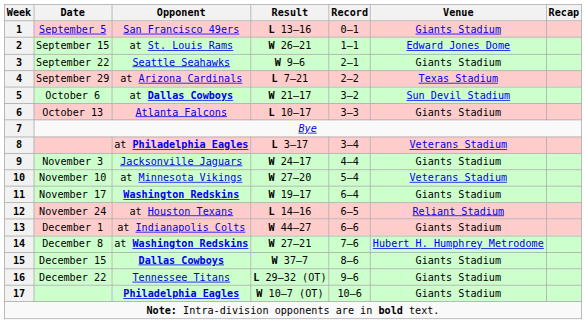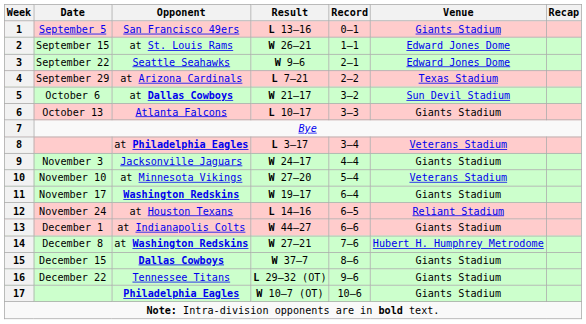 <table class="wikitable" style="text-align:center">
 <tr>
 <th>Week</th>
 <th>Date</th>
 <th>Opponent</th>
 <th>Result</th>
 <th>Record</th>
 <th>Venue</th>
 <th>Recap</th>
 </tr>
 <tr style="background:#fcc">
 <th>1</th>
 <td><a href='#'>September 5</a></td>
 <td><a href='#'>San Francisco 49ers</a></td>
 <td><strong>L</strong> 13–16</td>
 <td>0–1</td>
 <td><a href='#'>Giants Stadium</a></td>
 <td></td>
 </tr>
 <tr style="background:#cfc">
 <th>2</th>
 <td>September 15</td>
 <td>at <a href='#'>St. Louis Rams</a></td>
 <td><strong>W</strong> 26–21</td>
 <td>1–1</td>
 <td><a href='#'>Edward Jones Dome</a></td>
 <td></td>
 </tr>
 <tr style="background:#cfc">
 <th>3</th>
 <td>September 22</td>
 <td><a href='#'>Seattle Seahawks</a></td>
 <td><strong>W</strong> 9–6</td>
 <td>2–1</td>
-<td>Giants Stadium</td>
+<td><a href='#'>Edward Jones Dome</a></td>
 <td></td>
 </tr>
 <tr style="background:#fcc">
 <th>4</th>
 <td>September 29</td>
 <td>at <a href='#'>Arizona Cardinals</a></td>
 <td><strong>L</strong> 7–21</td>
 <td>2–2</td>
 <td><a href='#'>Texas Stadium</a></td>
 <td></td>
 </tr>
 <tr style="background:#cfc">
 <th>5</th>
 <td>October 6</td>
 <td>at <strong><a href='#'>Dallas Cowboys</a></strong></td>
 <td><strong>W</strong> 21–17</td>
 <td>3–2</td>
 <td><a href='#'>Sun Devil Stadium</a></td>
 <td></td>
 </tr>
 <tr style="background:#fcc">
 <th>6</th>
 <td>October 13</td>
 <td><a href='#'>Atlanta Falcons</a></td>
 <td><strong>L</strong> 10–17</td>
 <td>3–3</td>
 <td>Giants Stadium</td>
 <td></td>
 </tr>
 <tr align="center" bgcolor="">
 <th>7</th>
 <td align="center" colspan="6"><em><a href='#'>Bye</a></em></td>
 </tr>
 <tr style="background:#fcc">
 <th>8</th>
 <td></td>
 <td>at <strong><a href='#'>Philadelphia Eagles</a></strong></td>
 <td><strong>L</strong> 3–17</td>
 <td>3–4</td>
 <td><a href='#'>Veterans Stadium</a></td>
 <td></td>
 </tr>
 <tr style="background:#cfc">
 <th>9</th>
 <td>November 3</td>
 <td><a href='#'>Jacksonville Jaguars</a></td>
 <td><strong>W</strong> 24–17</td>
 <td>4–4</td>
 <td>Giants Stadium</td>
 <td></td>
 </tr>
 <tr style="background:#cfc">
 <th>10</th>
 <td>November 10</td>
 <td>at <a href='#'>Minnesota Vikings</a></td>
 <td><strong>W</strong> 27–20</td>
 <td>5–4</td>
 <td><a href='#'>Veterans Stadium</a></td>
 <td></td>
 </tr>
 <tr style="background:#cfc">
 <th>11</th>
 <td>November 17</td>
 <td><strong><a href='#'>Washington Redskins</a></strong></td>
 <td><strong>W</strong> 19–17</td>
 <td>6–4</td>
 <td>Giants Stadium</td>
 <td></td>
 </tr>
 <tr style="background:#fcc">
 <th>12</th>
 <td>November 24</td>
 <td>at <a href='#'>Houston Texans</a></td>
 <td><strong>L</strong> 14–16</td>
 <td>6–5</td>
 <td><a href='#'>Reliant Stadium</a></td>
 <td></td>
 </tr>
 <tr style="background:#fcc">
 <th>13</th>
 <td>December 1</td>
 <td>at <a href='#'>Indianapolis Colts</a></td>
 <td><strong>W</strong> 44–27</td>
 <td>6–6</td>
 <td>Giants Stadium</td>
 <td></td>
 </tr>
 <tr style="background:#cfc">
 <th>14</th>
 <td>December 8</td>
 <td>at <strong><a href='#'>Washington Redskins</a></strong></td>
 <td><strong>W</strong> 27–21</td>
 <td>7–6</td>
 <td><a href='#'>Hubert H. Humphrey Metrodome</a></td>
 <td></td>
 </tr>
 <tr style="background:#cfc">
 <th>15</th>
 <td>December 15</td>
 <td><strong><a href='#'>Dallas Cowboys</a></strong></td>
 <td><strong>W</strong> 37–7</td>
 <td>8–6</td>
 <td>Giants Stadium</td>
 <td></td>
 </tr>
 <tr style="background:#cfc">
 <th>16</th>
 <td>December 22</td>
 <td><a href='#'>Tennessee Titans</a></td>
 <td><strong>L</strong> 29–32 (OT)</td>
 <td>9–6</td>
 <td>Giants Stadium</td>
 <td></td>
 </tr>
 <tr style="background:#cfc">
 <th>17</th>
 <td></td>
 <td><strong><a href='#'>Philadelphia Eagles</a></strong></td>
 <td><strong>W</strong> 10–7 (OT)</td>
 <td>10–6</td>
 <td>Giants Stadium</td>
 <td></td>
 </tr>
 <tr>
 <td colspan="8"><strong>Note:</strong> Intra-division opponents are in <strong>bold</strong> text.</td>
 </tr>
 </table>
